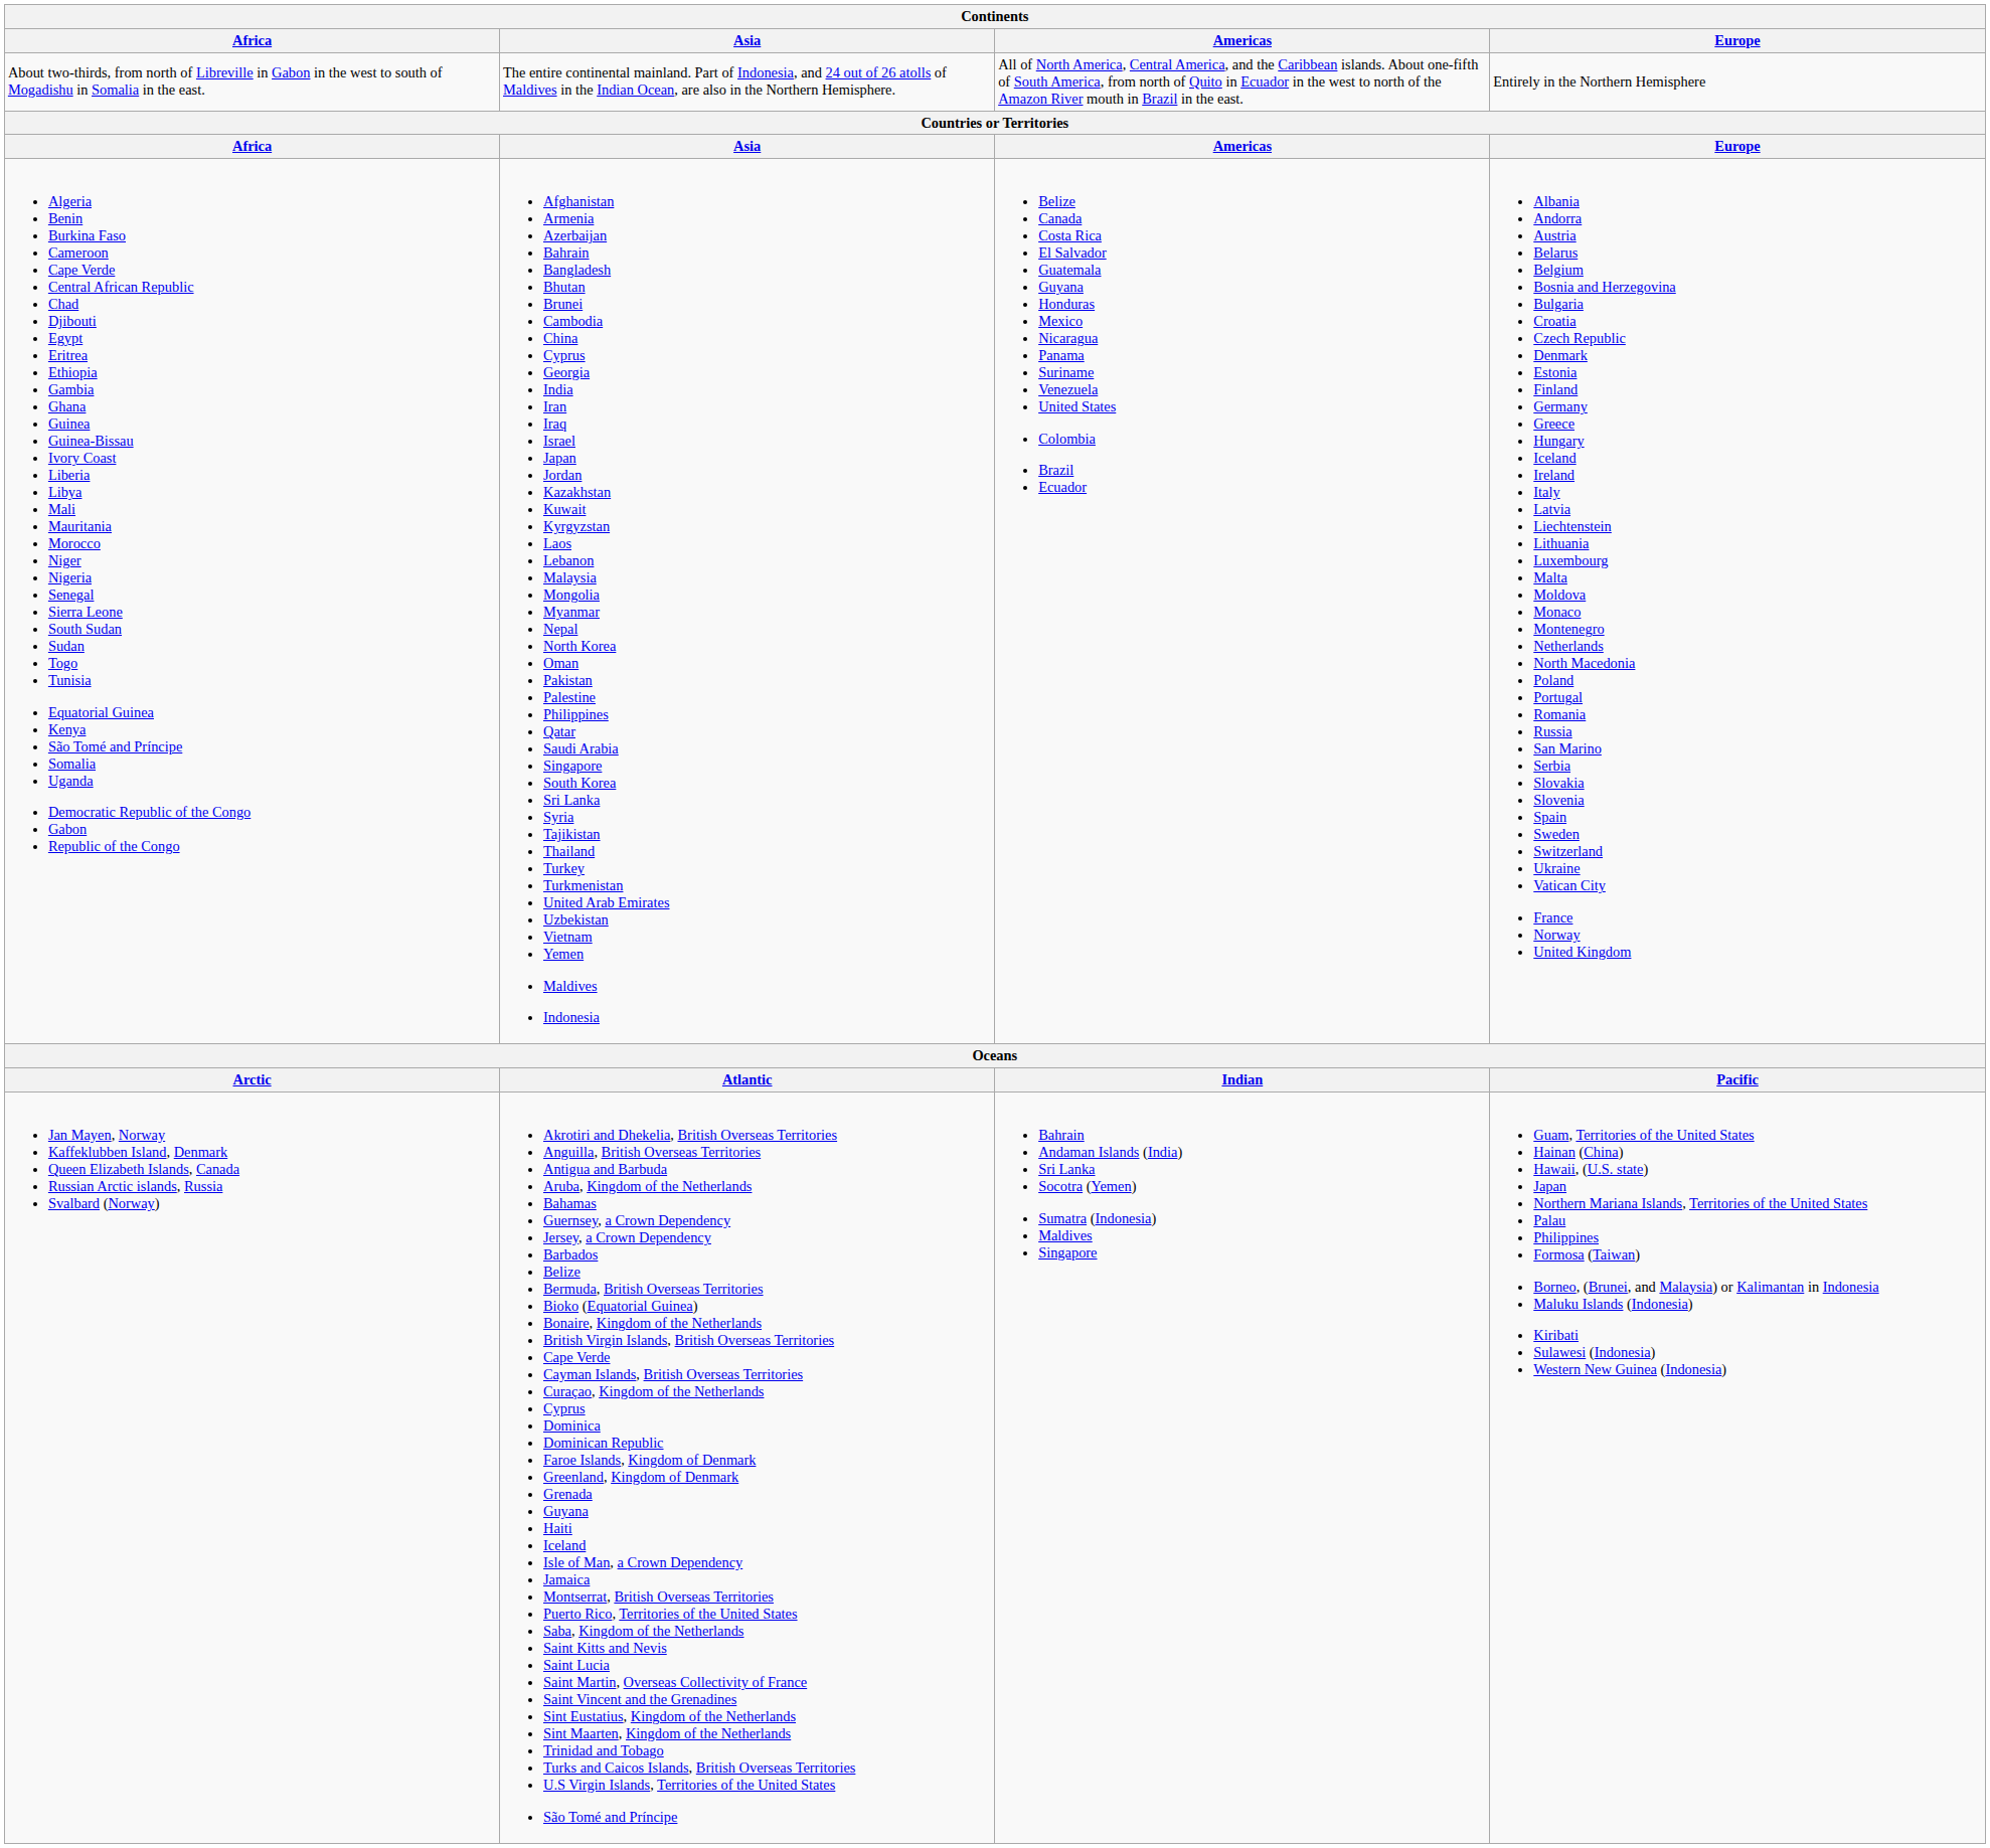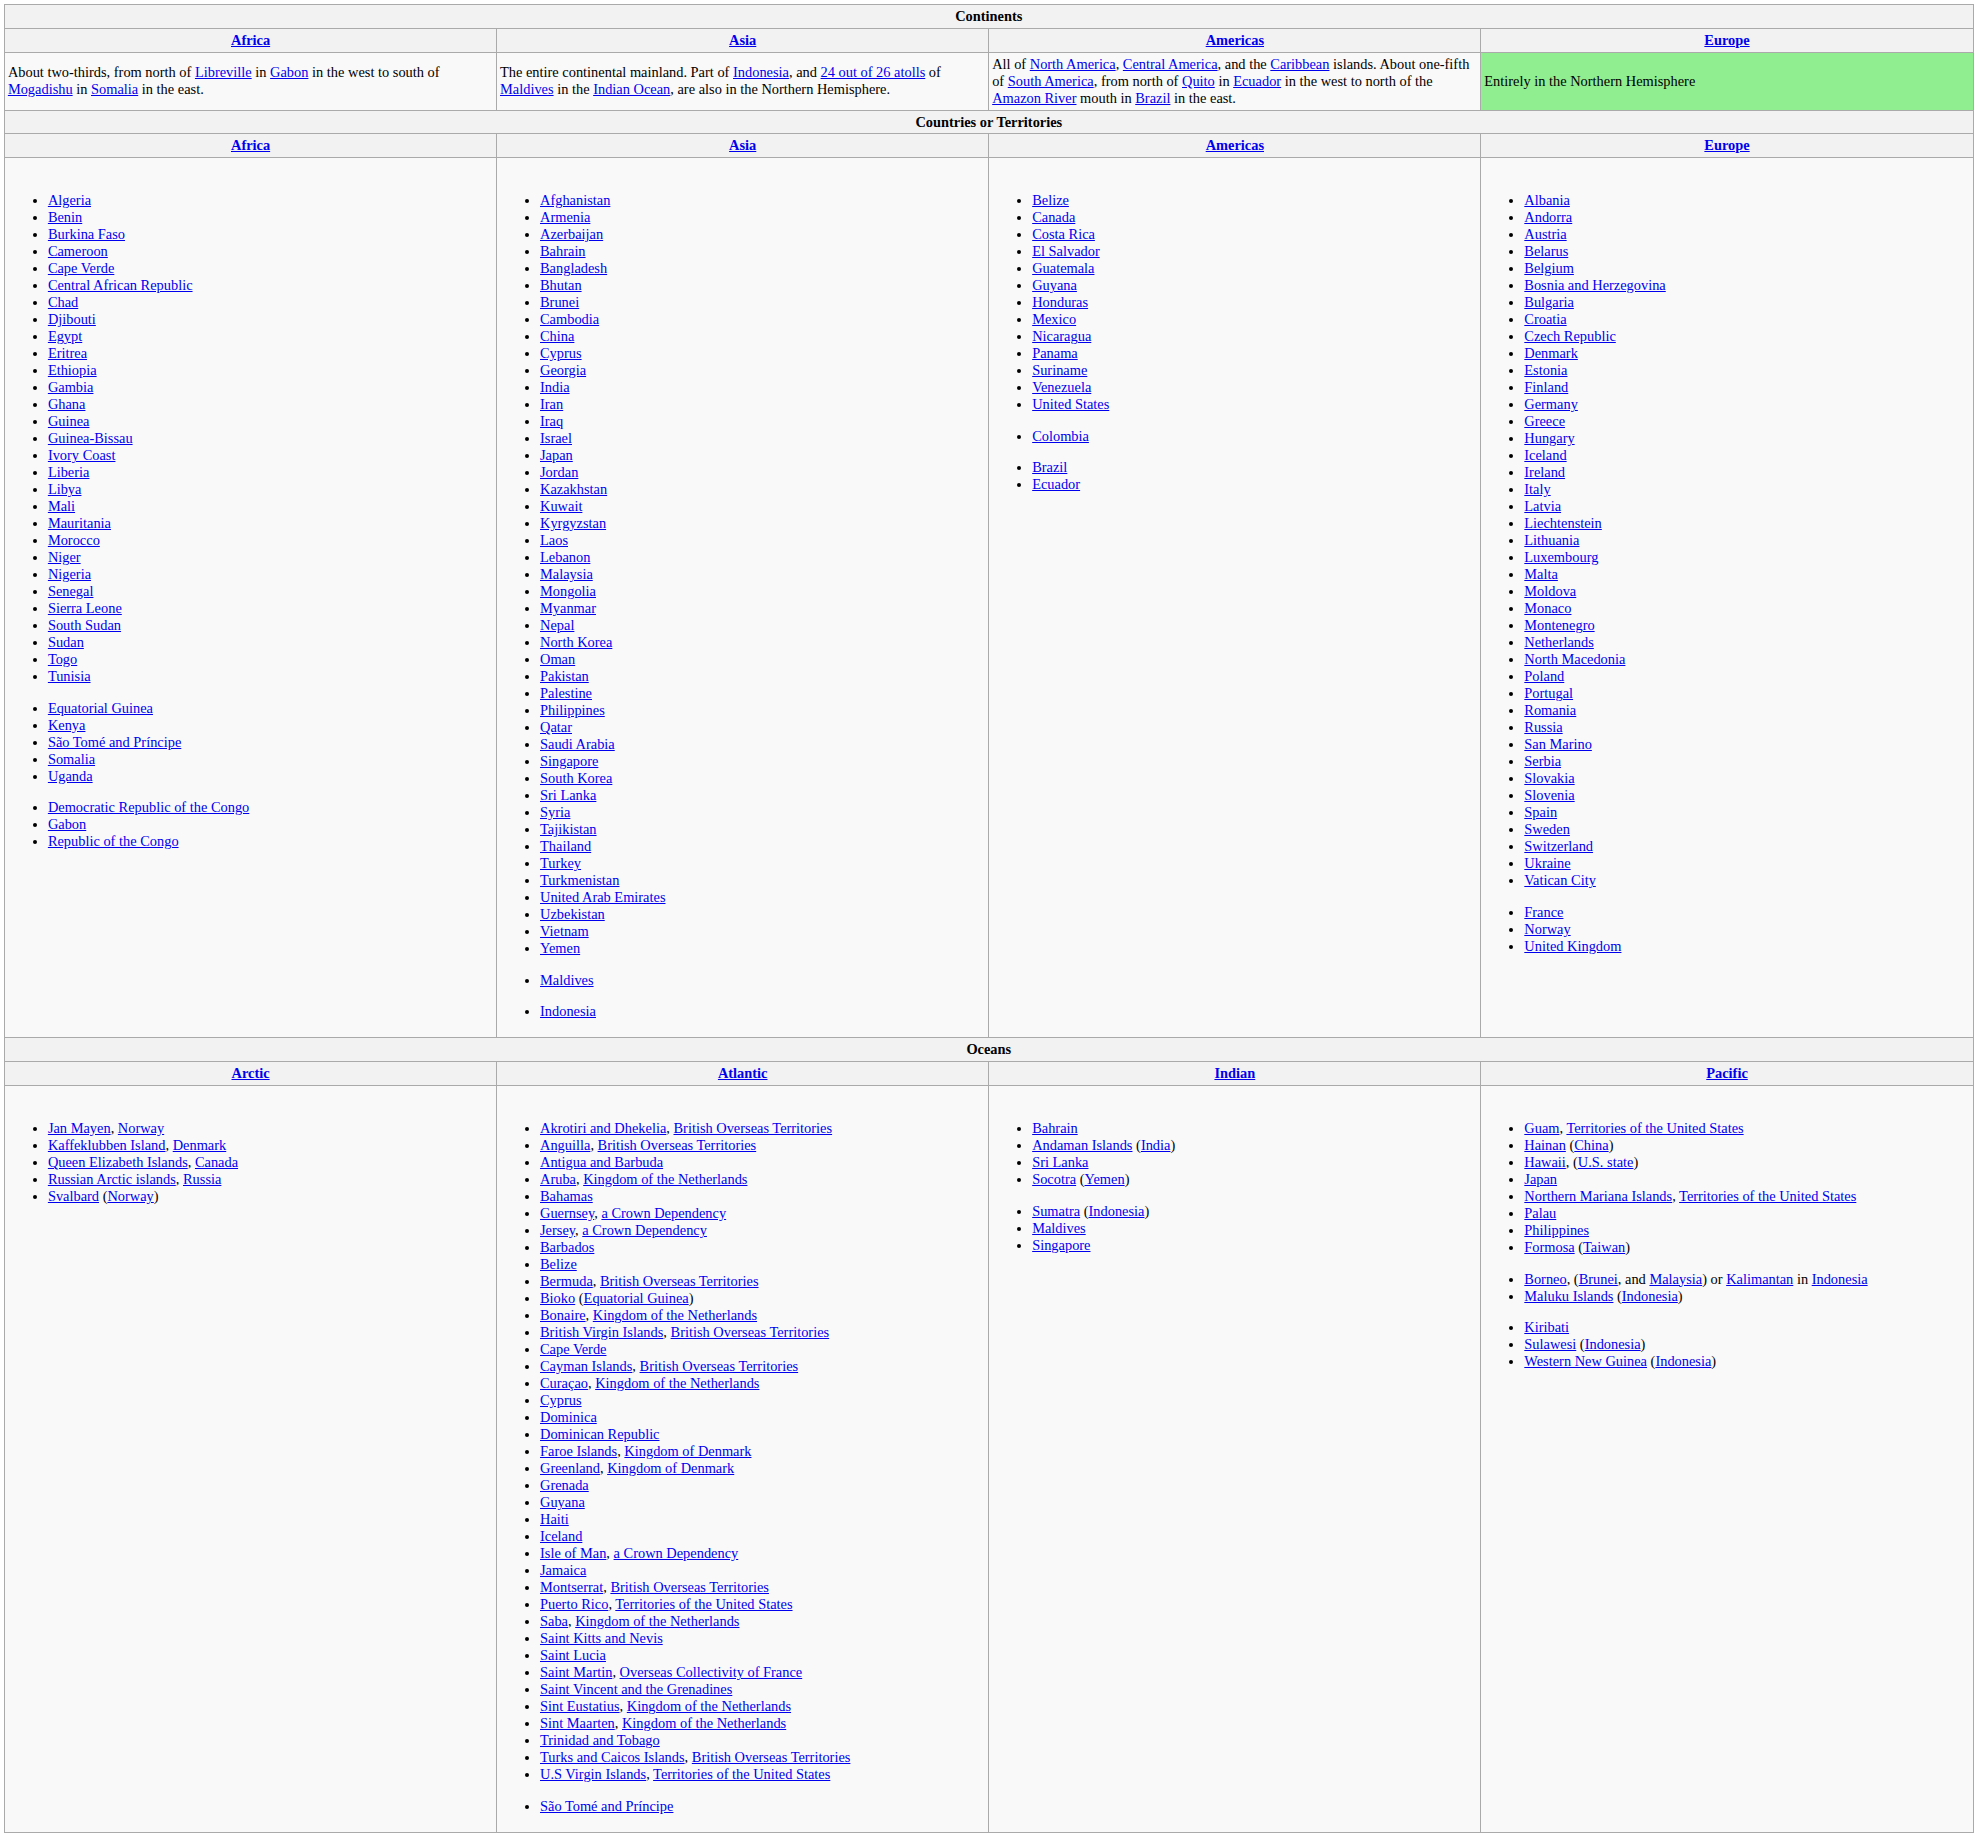 <table class="wikitable" style="font-size:90%">
 <tr>
 <th colspan="4">Continents</th>
 </tr>
 <tr>
 <th width=25%><a href='#'>Africa</a></th>
 <th width=25%><a href='#'>Asia</a></th>
 <th width=25%><a href='#'>Americas</a></th>
 <th width=25%><a href='#'>Europe</a></th>
 </tr>
 <tr>
 <td>About two-thirds, from north of <a href='#'>Libreville</a> in <a href='#'>Gabon</a> in the west to south of <a href='#'>Mogadishu</a> in <a href='#'>Somalia</a> in the east.</td>
 <td>The entire continental mainland. Part of <a href='#'>Indonesia</a>, and <a href='#'>24 out of 26 atolls</a> of <a href='#'>Maldives</a> in the <a href='#'>Indian Ocean</a>, are also in the Northern Hemisphere.</td>
 <td>All of <a href='#'>North America</a>, <a href='#'>Central America</a>, and the <a href='#'>Caribbean</a> islands. About one-fifth of <a href='#'>South America</a>, from north of <a href='#'>Quito</a> in <a href='#'>Ecuador</a> in the west to north of the <a href='#'>Amazon River</a> mouth in <a href='#'>Brazil</a> in the east.</td>
-<td>Entirely in the Northern Hemisphere</td>
+<td style="background: lightgreen;">Entirely in the Northern Hemisphere</td>
 </tr>
 <tr>
 <th colspan="4">Countries or Territories</th>
 </tr>
 <tr>
 <th><a href='#'>Africa</a></th>
 <th><a href='#'>Asia</a></th>
 <th><a href='#'>Americas</a></th>
 <th><a href='#'>Europe</a></th>
 </tr>
 <tr>
 <td valign=top><br><ul><li><a href='#'>Algeria</a></li><li><a href='#'>Benin</a></li><li><a href='#'>Burkina Faso</a></li><li><a href='#'>Cameroon</a></li><li><a href='#'>Cape Verde</a></li><li><a href='#'>Central African Republic</a></li><li><a href='#'>Chad</a></li><li><a href='#'>Djibouti</a></li><li><a href='#'>Egypt</a></li><li><a href='#'>Eritrea</a></li><li><a href='#'>Ethiopia</a></li><li><a href='#'>Gambia</a></li><li><a href='#'>Ghana</a></li><li><a href='#'>Guinea</a></li><li><a href='#'>Guinea-Bissau</a></li><li><a href='#'>Ivory Coast</a></li><li><a href='#'>Liberia</a></li><li><a href='#'>Libya</a></li><li><a href='#'>Mali</a></li><li><a href='#'>Mauritania</a></li><li><a href='#'>Morocco</a></li><li><a href='#'>Niger</a></li><li><a href='#'>Nigeria</a></li><li><a href='#'>Senegal</a></li><li><a href='#'>Sierra Leone</a></li><li><a href='#'>South Sudan</a></li><li><a href='#'>Sudan</a></li><li><a href='#'>Togo</a></li><li><a href='#'>Tunisia</a></li></ul><ul><li><a href='#'>Equatorial Guinea</a></li><li><a href='#'>Kenya</a></li><li><a href='#'>São Tomé and Príncipe</a></li><li><a href='#'>Somalia</a></li><li><a href='#'>Uganda</a></li></ul><ul><li><a href='#'>Democratic Republic of the Congo</a></li><li><a href='#'>Gabon</a></li><li><a href='#'>Republic of the Congo</a></li></ul></td>
 <td valign=top><br><ul><li><a href='#'>Afghanistan</a></li><li><a href='#'>Armenia</a></li><li><a href='#'>Azerbaijan</a></li><li><a href='#'>Bahrain</a></li><li><a href='#'>Bangladesh</a></li><li><a href='#'>Bhutan</a></li><li><a href='#'>Brunei</a></li><li><a href='#'>Cambodia</a></li><li><a href='#'>China</a></li><li><a href='#'>Cyprus</a></li><li><a href='#'>Georgia</a></li><li><a href='#'>India</a></li><li><a href='#'>Iran</a></li><li><a href='#'>Iraq</a></li><li><a href='#'>Israel</a></li><li><a href='#'>Japan</a></li><li><a href='#'>Jordan</a></li><li><a href='#'>Kazakhstan</a></li><li><a href='#'>Kuwait</a></li><li><a href='#'>Kyrgyzstan</a></li><li><a href='#'>Laos</a></li><li><a href='#'>Lebanon</a></li><li><a href='#'>Malaysia</a></li><li><a href='#'>Mongolia</a></li><li><a href='#'>Myanmar</a></li><li><a href='#'>Nepal</a></li><li><a href='#'>North Korea</a></li><li><a href='#'>Oman</a></li><li><a href='#'>Pakistan</a></li><li><a href='#'>Palestine</a></li><li><a href='#'>Philippines</a></li><li><a href='#'>Qatar</a></li><li><a href='#'>Saudi Arabia</a></li><li><a href='#'>Singapore</a></li><li><a href='#'>South Korea</a></li><li><a href='#'>Sri Lanka</a></li><li><a href='#'>Syria</a></li><li><a href='#'>Tajikistan</a></li><li><a href='#'>Thailand</a></li><li><a href='#'>Turkey</a></li><li><a href='#'>Turkmenistan</a></li><li><a href='#'>United Arab Emirates</a></li><li><a href='#'>Uzbekistan</a></li><li><a href='#'>Vietnam</a></li><li><a href='#'>Yemen</a></li></ul><ul><li><a href='#'>Maldives</a></li></ul><ul><li><a href='#'>Indonesia</a></li></ul></td>
 <td valign=top><br><ul><li><a href='#'>Belize</a></li><li><a href='#'>Canada</a></li><li><a href='#'>Costa Rica</a></li><li><a href='#'>El Salvador</a></li><li><a href='#'>Guatemala</a></li><li><a href='#'>Guyana</a></li><li><a href='#'>Honduras</a></li><li><a href='#'>Mexico</a></li><li><a href='#'>Nicaragua</a></li><li><a href='#'>Panama</a></li><li><a href='#'>Suriname</a></li><li><a href='#'>Venezuela</a></li><li><a href='#'>United States</a></li></ul><ul><li><a href='#'>Colombia</a></li></ul><ul><li><a href='#'>Brazil</a></li><li><a href='#'>Ecuador</a></li></ul></td>
 <td valign=top><br><ul><li><a href='#'>Albania</a></li><li><a href='#'>Andorra</a></li><li><a href='#'>Austria</a></li><li><a href='#'>Belarus</a></li><li><a href='#'>Belgium</a></li><li><a href='#'>Bosnia and Herzegovina</a></li><li><a href='#'>Bulgaria</a></li><li><a href='#'>Croatia</a></li><li><a href='#'>Czech Republic</a></li><li><a href='#'>Denmark</a></li><li><a href='#'>Estonia</a></li><li><a href='#'>Finland</a></li><li><a href='#'>Germany</a></li><li><a href='#'>Greece</a></li><li><a href='#'>Hungary</a></li><li><a href='#'>Iceland</a></li><li><a href='#'>Ireland</a></li><li><a href='#'>Italy</a></li><li><a href='#'>Latvia</a></li><li><a href='#'>Liechtenstein</a></li><li><a href='#'>Lithuania</a></li><li><a href='#'>Luxembourg</a></li><li><a href='#'>Malta</a></li><li><a href='#'>Moldova</a></li><li><a href='#'>Monaco</a></li><li><a href='#'>Montenegro</a></li><li><a href='#'>Netherlands</a></li><li><a href='#'>North Macedonia</a></li><li><a href='#'>Poland</a></li><li><a href='#'>Portugal</a></li><li><a href='#'>Romania</a></li><li><a href='#'>Russia</a></li><li><a href='#'>San Marino</a></li><li><a href='#'>Serbia</a></li><li><a href='#'>Slovakia</a></li><li><a href='#'>Slovenia</a></li><li><a href='#'>Spain</a></li><li><a href='#'>Sweden</a></li><li><a href='#'>Switzerland</a></li><li><a href='#'>Ukraine</a></li><li><a href='#'>Vatican City</a></li></ul><ul><li><a href='#'>France</a></li><li><a href='#'>Norway</a></li><li><a href='#'>United Kingdom</a></li></ul></td>
 </tr>
 <tr>
 <th colspan="4">Oceans</th>
 </tr>
 <tr>
 <th><a href='#'>Arctic</a></th>
 <th><a href='#'>Atlantic</a></th>
 <th><a href='#'>Indian</a></th>
 <th><a href='#'>Pacific</a></th>
 </tr>
 <tr>
 <td valign=top><br><ul><li><a href='#'>Jan Mayen</a>, <a href='#'>Norway</a></li><li><a href='#'>Kaffeklubben Island</a>, <a href='#'>Denmark</a></li><li><a href='#'>Queen Elizabeth Islands</a>, <a href='#'>Canada</a></li><li><a href='#'>Russian Arctic islands</a>, <a href='#'>Russia</a></li><li><a href='#'>Svalbard</a> (<a href='#'>Norway</a>)</li></ul></td>
 <td valign=top><br><ul><li><a href='#'>Akrotiri and Dhekelia</a>, <a href='#'>British Overseas Territories</a></li><li><a href='#'>Anguilla</a>, <a href='#'>British Overseas Territories</a></li><li><a href='#'>Antigua and Barbuda</a></li><li><a href='#'>Aruba</a>, <a href='#'>Kingdom of the Netherlands</a></li><li><a href='#'>Bahamas</a></li><li><a href='#'>Guernsey</a>, <a href='#'>a Crown Dependency</a></li><li><a href='#'>Jersey</a>, <a href='#'>a Crown Dependency</a></li><li><a href='#'>Barbados</a></li><li><a href='#'>Belize</a></li><li><a href='#'>Bermuda</a>, <a href='#'>British Overseas Territories</a></li><li><a href='#'>Bioko</a> (<a href='#'>Equatorial Guinea</a>)</li><li><a href='#'>Bonaire</a>, <a href='#'>Kingdom of the Netherlands</a></li><li><a href='#'>British Virgin Islands</a>, <a href='#'>British Overseas Territories</a></li><li><a href='#'>Cape Verde</a></li><li><a href='#'>Cayman Islands</a>, <a href='#'>British Overseas Territories</a></li><li><a href='#'>Curaçao</a>, <a href='#'>Kingdom of the Netherlands</a></li><li><a href='#'>Cyprus</a></li><li><a href='#'>Dominica</a></li><li><a href='#'>Dominican Republic</a></li><li><a href='#'>Faroe Islands</a>, <a href='#'>Kingdom of Denmark</a></li><li><a href='#'>Greenland</a>, <a href='#'>Kingdom of Denmark</a></li><li><a href='#'>Grenada</a></li><li><a href='#'>Guyana</a></li><li><a href='#'>Haiti</a></li><li><a href='#'>Iceland</a></li><li><a href='#'>Isle of Man</a>, <a href='#'>a Crown Dependency</a></li><li><a href='#'>Jamaica</a></li><li><a href='#'>Montserrat</a>, <a href='#'>British Overseas Territories</a></li><li><a href='#'>Puerto Rico</a>, <a href='#'>Territories of the United States</a></li><li><a href='#'>Saba</a>, <a href='#'>Kingdom of the Netherlands</a></li><li><a href='#'>Saint Kitts and Nevis</a></li><li><a href='#'>Saint Lucia</a></li><li><a href='#'>Saint Martin</a>, <a href='#'>Overseas Collectivity of France</a></li><li><a href='#'>Saint Vincent and the Grenadines</a></li><li><a href='#'>Sint Eustatius</a>, <a href='#'>Kingdom of the Netherlands</a></li><li><a href='#'>Sint Maarten</a>, <a href='#'>Kingdom of the Netherlands</a></li><li><a href='#'>Trinidad and Tobago</a></li><li><a href='#'>Turks and Caicos Islands</a>, <a href='#'>British Overseas Territories</a></li><li><a href='#'>U.S Virgin Islands</a>, <a href='#'>Territories of the United States</a></li></ul><ul><li><a href='#'>São Tomé and Príncipe</a></li></ul></td>
 <td valign=top><br><ul><li><a href='#'>Bahrain</a></li><li><a href='#'>Andaman Islands</a> (<a href='#'>India</a>)</li><li><a href='#'>Sri Lanka</a></li><li><a href='#'>Socotra</a> (<a href='#'>Yemen</a>)</li></ul><ul><li><a href='#'>Sumatra</a> (<a href='#'>Indonesia</a>)</li><li><a href='#'>Maldives</a></li><li><a href='#'>Singapore</a></li></ul></td>
 <td valign=top><br><ul><li><a href='#'>Guam</a>, <a href='#'>Territories of the United States</a></li><li><a href='#'>Hainan</a> (<a href='#'>China</a>)</li><li><a href='#'>Hawaii</a>, (<a href='#'>U.S. state</a>)</li><li><a href='#'>Japan</a></li><li><a href='#'>Northern Mariana Islands</a>, <a href='#'>Territories of the United States</a></li><li><a href='#'>Palau</a></li><li><a href='#'>Philippines</a></li><li><a href='#'>Formosa</a> (<a href='#'>Taiwan</a>)</li></ul><ul><li><a href='#'>Borneo</a>, (<a href='#'>Brunei</a>, and <a href='#'>Malaysia</a>) or <a href='#'>Kalimantan</a> in <a href='#'>Indonesia</a></li><li><a href='#'>Maluku Islands</a> (<a href='#'>Indonesia</a>)</li></ul><ul><li><a href='#'>Kiribati</a></li><li><a href='#'>Sulawesi</a> (<a href='#'>Indonesia</a>)</li><li><a href='#'>Western New Guinea</a> (<a href='#'>Indonesia</a>)</li></ul></td>
 </tr>
 <tr>
 </tr>
 </table>
